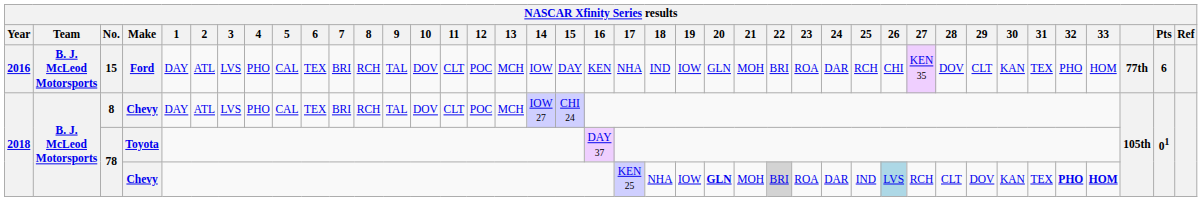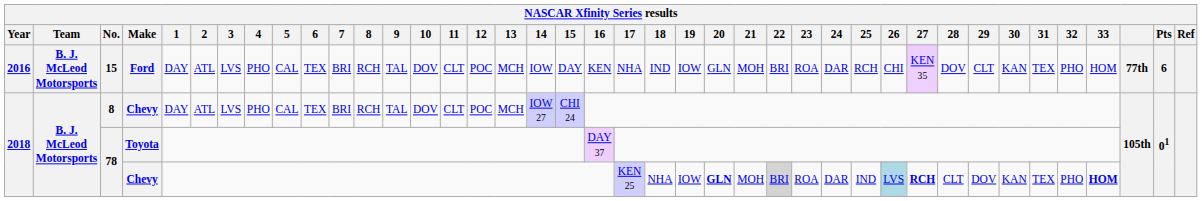 <table class="wikitable" style="text-align:center; font-size:75%">
 <tr>
 <th colspan=42><a href='#'>NASCAR Xfinity Series</a> results</th>
 </tr>
 <tr>
 <th>Year</th>
 <th>Team</th>
 <th>No.</th>
 <th>Make</th>
 <th>1</th>
 <th>2</th>
 <th>3</th>
 <th>4</th>
 <th>5</th>
 <th>6</th>
 <th>7</th>
 <th>8</th>
 <th>9</th>
 <th>10</th>
 <th>11</th>
 <th>12</th>
 <th>13</th>
 <th>14</th>
 <th>15</th>
 <th>16</th>
 <th>17</th>
 <th>18</th>
 <th>19</th>
 <th>20</th>
 <th>21</th>
 <th>22</th>
 <th>23</th>
 <th>24</th>
 <th>25</th>
 <th>26</th>
 <th>27</th>
 <th>28</th>
 <th>29</th>
 <th>30</th>
 <th>31</th>
 <th>32</th>
 <th>33</th>
 <th></th>
 <th>Pts</th>
 <th>Ref</th>
 </tr>
 <tr>
 <th><a href='#'>2016</a></th>
 <th><a href='#'>B. J. McLeod Motorsports</a></th>
 <th>15</th>
 <th><a href='#'>Ford</a></th>
 <td><a href='#'>DAY</a></td>
 <td><a href='#'>ATL</a></td>
 <td><a href='#'>LVS</a></td>
 <td><a href='#'>PHO</a></td>
 <td><a href='#'>CAL</a></td>
 <td><a href='#'>TEX</a></td>
 <td><a href='#'>BRI</a></td>
 <td><a href='#'>RCH</a></td>
 <td><a href='#'>TAL</a></td>
 <td><a href='#'>DOV</a></td>
 <td><a href='#'>CLT</a></td>
 <td><a href='#'>POC</a></td>
 <td><a href='#'>MCH</a></td>
 <td><a href='#'>IOW</a></td>
 <td><a href='#'>DAY</a></td>
 <td><a href='#'>KEN</a></td>
 <td><a href='#'>NHA</a></td>
 <td><a href='#'>IND</a></td>
 <td><a href='#'>IOW</a></td>
 <td><a href='#'>GLN</a></td>
 <td><a href='#'>MOH</a></td>
 <td><a href='#'>BRI</a></td>
 <td><a href='#'>ROA</a></td>
 <td><a href='#'>DAR</a></td>
 <td><a href='#'>RCH</a></td>
 <td><a href='#'>CHI</a></td>
 <td style="background:#EFCFFF;"><a href='#'>KEN</a><br><small>35</small></td>
 <td><a href='#'>DOV</a></td>
 <td><a href='#'>CLT</a></td>
 <td><a href='#'>KAN</a></td>
 <td><a href='#'>TEX</a></td>
 <td><a href='#'>PHO</a></td>
 <td><a href='#'>HOM</a></td>
 <th>77th</th>
 <th>6</th>
 <th></th>
 </tr>
 <tr>
 <th rowspan=3><a href='#'>2018</a></th>
 <th rowspan=3><a href='#'>B. J. McLeod Motorsports</a></th>
 <th>8</th>
 <th><a href='#'>Chevy</a></th>
 <td><a href='#'>DAY</a></td>
 <td><a href='#'>ATL</a></td>
 <td><a href='#'>LVS</a></td>
 <td><a href='#'>PHO</a></td>
 <td><a href='#'>CAL</a></td>
 <td><a href='#'>TEX</a></td>
 <td><a href='#'>BRI</a></td>
 <td><a href='#'>RCH</a></td>
 <td><a href='#'>TAL</a></td>
 <td><a href='#'>DOV</a></td>
 <td><a href='#'>CLT</a></td>
 <td><a href='#'>POC</a></td>
 <td><a href='#'>MCH</a></td>
 <td style="background:#CFCFFF;"><a href='#'>IOW</a><br><small>27</small></td>
 <td style="background:#CFCFFF;"><a href='#'>CHI</a><br><small>24</small></td>
 <td colspan=18></td>
 <th rowspan=3>105th</th>
 <th rowspan=3>0<sup>1</sup></th>
 <th rowspan=3></th>
 </tr>
 <tr>
 <th rowspan=2>78</th>
 <th><a href='#'>Toyota</a></th>
 <td colspan=15></td>
 <td style="background:#EFCFFF;"><a href='#'>DAY</a><br><small>37</small></td>
 <td colspan=17></td>
 </tr>
 <tr>
 <th><a href='#'>Chevy</a></th>
 <td colspan=16></td>
 <td style="background:#CFCFFF;"><a href='#'>KEN</a><br><small>25</small></td>
 <td><a href='#'>NHA</a></td>
 <td><a href='#'>IOW</a></td>
 <td><strong><a href='#'>GLN</a></strong></td>
 <td><a href='#'>MOH</a></td>
 <td style="background: lightgrey;"><a href='#'>BRI</a></td>
 <td><a href='#'>ROA</a></td>
 <td><a href='#'>DAR</a></td>
 <td><a href='#'>IND</a></td>
 <td style="background: lightblue;"><a href='#'>LVS</a></td>
-<td><a href='#'>RCH</a></td>
+<td><strong><a href='#'>RCH</a></strong></td>
 <td><a href='#'>CLT</a></td>
 <td><a href='#'>DOV</a></td>
 <td><a href='#'>KAN</a></td>
 <td><a href='#'>TEX</a></td>
-<td><strong><a href='#'>PHO</a></strong></td>
+<td><a href='#'>PHO</a></td>
 <td><strong><a href='#'>HOM</a></strong></td>
 </tr>
 </table>
